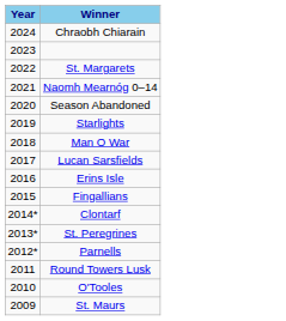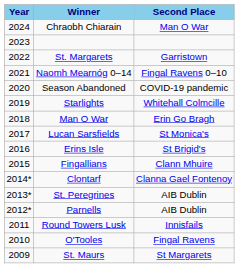 <table class="wikitable" style="text-align:center;">
 <tr>
 <th style="background:skyblue;color:navy;">Year</th>
 <th style="background:skyblue;color:navy;">Winner</th>
+<th style="background:skyblue;color:navy;">Second Place</th>
 </tr>
 <tr>
 <td>2024</td>
 <td>Chraobh Chiarain</td>
+<td><a href='#'>Man O War</a></td>
 </tr>
 <tr>
 <td>2023</td>
+<td></td>
 <td></td>
 </tr>
 <tr>
 <td>2022</td>
 <td><a href='#'>St. Margarets</a></td>
+<td><a href='#'>Garristown</a></td>
 </tr>
 <tr>
 <td>2021</td>
 <td><a href='#'>Naomh Mearnóg</a> 0–14</td>
+<td><a href='#'>Fingal Ravens</a> 0–10</td>
 </tr>
 <tr>
 <td>2020</td>
 <td>Season Abandoned</td>
+<td>COVID-19 pandemic</td>
 </tr>
 <tr>
 <td>2019</td>
 <td><a href='#'>Starlights</a></td>
+<td><a href='#'>Whitehall Colmcille</a></td>
 </tr>
 <tr>
 <td>2018</td>
 <td><a href='#'>Man O War</a></td>
+<td><a href='#'>Erin Go Bragh</a></td>
 </tr>
 <tr>
 <td>2017</td>
 <td><a href='#'>Lucan Sarsfields</a></td>
+<td><a href='#'>St Monica's</a></td>
 </tr>
 <tr>
 <td>2016</td>
 <td><a href='#'>Erins Isle</a></td>
+<td><a href='#'>St Brigid's</a></td>
 </tr>
 <tr>
 <td>2015</td>
 <td><a href='#'>Fingallians</a></td>
+<td><a href='#'>Clann Mhuire</a></td>
 </tr>
 <tr>
 <td>2014*</td>
 <td><a href='#'>Clontarf</a></td>
+<td><a href='#'>Clanna Gael Fontenoy</a></td>
 </tr>
 <tr>
 <td>2013*</td>
 <td><a href='#'>St. Peregrines</a></td>
+<td>AIB Dublin</td>
 </tr>
 <tr>
 <td>2012*</td>
 <td><a href='#'>Parnells</a></td>
+<td>AIB Dublin</td>
 </tr>
 <tr>
 <td>2011</td>
 <td><a href='#'>Round Towers Lusk</a></td>
+<td><a href='#'>Innisfails</a></td>
 </tr>
 <tr>
 <td>2010</td>
 <td><a href='#'>O'Tooles</a></td>
+<td><a href='#'>Fingal Ravens</a></td>
 </tr>
 <tr>
 <td>2009</td>
 <td><a href='#'>St. Maurs</a></td>
+<td><a href='#'>St Margarets</a></td>
 </tr>
 </table>
